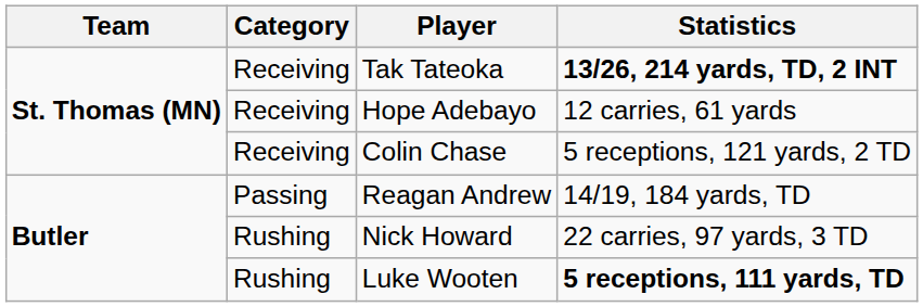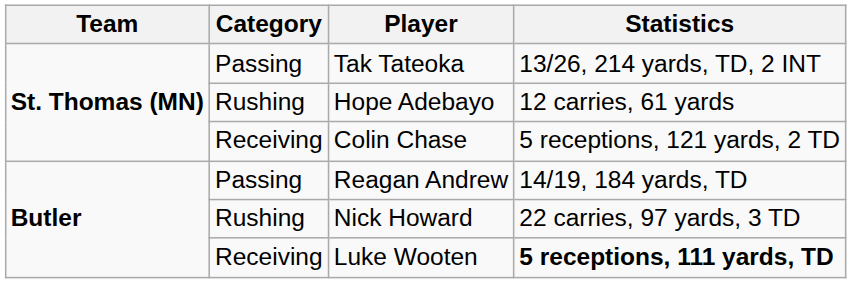 <table class="wikitable" style="float: right;">
 <tr>
 <th>Team</th>
 <th>Category</th>
 <th>Player</th>
 <th>Statistics</th>
 </tr>
 <tr>
 <td rowspan=3><strong>St. Thomas (MN)</strong></td>
-<td>Receiving</td>
+<td>Passing</td>
 <td>Tak Tateoka</td>
-<td><strong>13/26, 214 yards, TD, 2 INT</strong></td>
+<td>13/26, 214 yards, TD, 2 INT</td>
 </tr>
 <tr>
-<td>Receiving</td>
+<td>Rushing</td>
 <td>Hope Adebayo</td>
 <td>12 carries, 61 yards</td>
 </tr>
 <tr>
 <td>Receiving</td>
 <td>Colin Chase</td>
 <td>5 receptions, 121 yards, 2 TD</td>
 </tr>
 <tr>
 <td rowspan=3><strong>Butler</strong></td>
 <td>Passing</td>
 <td>Reagan Andrew</td>
 <td>14/19, 184 yards, TD</td>
 </tr>
 <tr>
 <td>Rushing</td>
 <td>Nick Howard</td>
 <td>22 carries, 97 yards, 3 TD</td>
 </tr>
 <tr>
-<td>Rushing</td>
+<td>Receiving</td>
 <td>Luke Wooten</td>
 <td><strong>5 receptions, 111 yards, TD</strong></td>
 </tr>
 </table>
